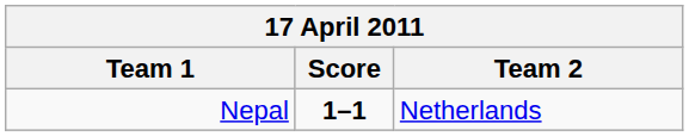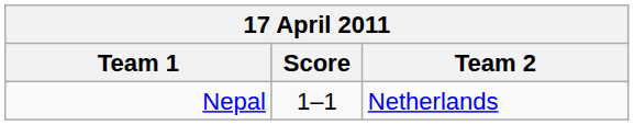 <table class="wikitable" style="text-align: center; font-size:95% ">
 <tr>
 <th colspan=3>17 April 2011</th>
 </tr>
 <tr>
 <th align="right" width="160">Team 1</th>
 <th width="50">Score</th>
 <th align="left" width="160">Team 2</th>
 </tr>
 <tr>
 <td align=right><a href='#'>Nepal</a></td>
-<td align=center><strong>1–1</strong></td>
+<td align=center>1–1</td>
 <td align=left><a href='#'>Netherlands</a></td>
 </tr>
 </table>
